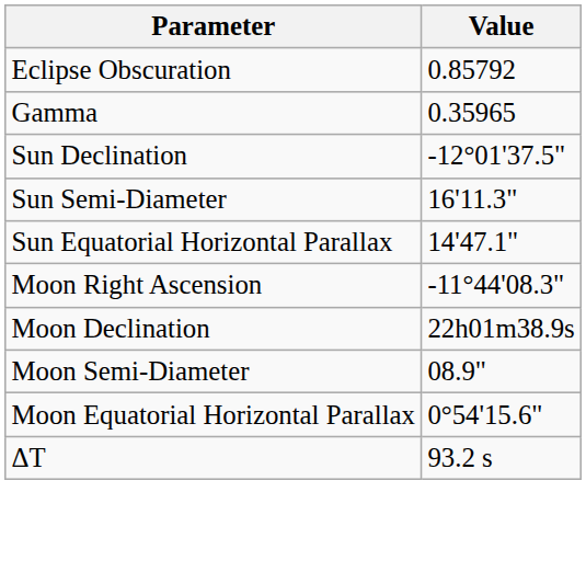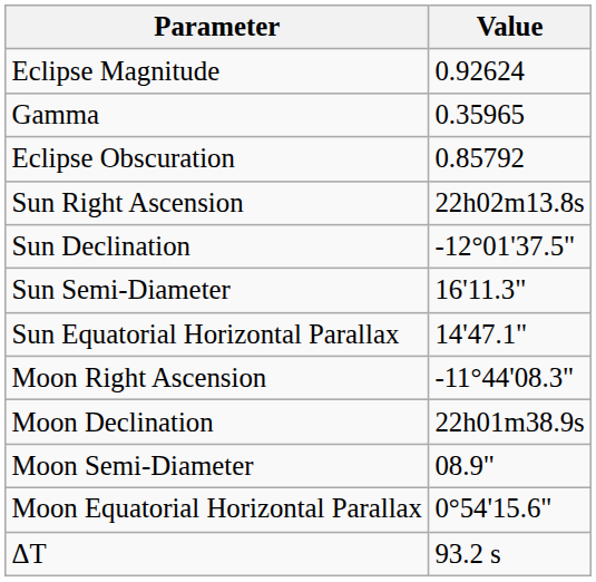 <table class="wikitable">
 <tr>
 <th>Parameter</th>
 <th>Value</th>
 </tr>
 <tr>
+<td>Eclipse Magnitude</td>
+<td>0.92624</td>
+</tr>
+<tr>
+<td>Gamma</td>
+<td>0.35965</td>
+</tr>
+<tr>
 <td>Eclipse Obscuration</td>
 <td>0.85792</td>
 </tr>
 <tr>
-<td>Gamma</td>
-<td>0.35965</td>
+<td>Sun Right Ascension</td>
+<td>22h02m13.8s</td>
 </tr>
 <tr>
 <td>Sun Declination</td>
 <td>-12°01'37.5"</td>
 </tr>
 <tr>
 <td>Sun Semi-Diameter</td>
 <td>16'11.3"</td>
 </tr>
 <tr>
 <td>Sun Equatorial Horizontal Parallax</td>
 <td>14'47.1"</td>
 </tr>
 <tr>
 <td>Moon Right Ascension</td>
 <td>-11°44'08.3"</td>
 </tr>
 <tr>
 <td>Moon Declination</td>
 <td>22h01m38.9s</td>
 </tr>
 <tr>
 <td>Moon Semi-Diameter</td>
 <td>08.9"</td>
 </tr>
 <tr>
 <td>Moon Equatorial Horizontal Parallax</td>
 <td>0°54'15.6"</td>
 </tr>
 <tr>
 <td>ΔT</td>
 <td>93.2 s</td>
 </tr>
 </table>
